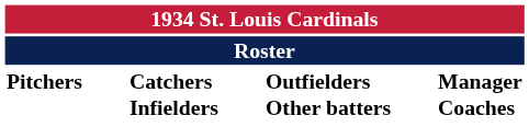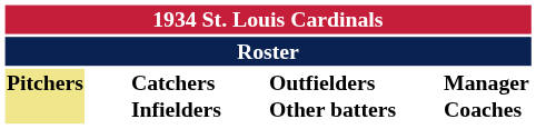 <table class="toccolours" style="font-size: 95%;">
 <tr>
 <th colspan="10" style="background-color: #c41e3a; color: white; text-align: center;">1934 St. Louis Cardinals</th>
 </tr>
 <tr>
 <td colspan="10" style="background-color: #0a2252; color: white; text-align: center;"><strong>Roster</strong></td>
 </tr>
 <tr>
-<td valign="top"><strong>Pitchers</strong><br>            </td>
+<td valign="top" style="background: khaki;"><strong>Pitchers</strong><br>            </td>
 <td width="25px"></td>
 <td valign="top"><strong>Catchers</strong><br>   <strong>Infielders</strong>      </td>
 <td width="25px"></td>
 <td valign="top"><strong>Outfielders</strong><br>       <strong>Other batters</strong>  </td>
 <td width="25px"></td>
 <td valign="top"><strong>Manager</strong><br> <strong>Coaches</strong>  </td>
 </tr>
 </table>
